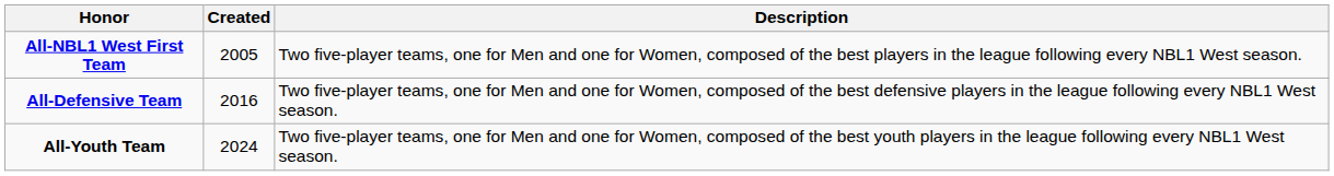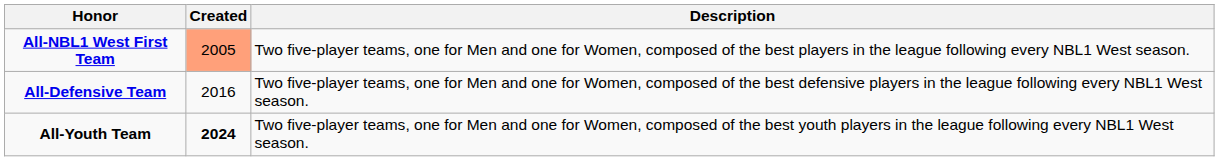 <table class="wikitable plainrowheaders sortable" summary="Honor (sortable), Created (sortable), Description and Notes">
 <tr>
 <th scope="col" width=15% class="unsortable">Honor</th>
 <th scope="col">Created</th>
 <th scope="col" class="unsortable">Description</th>
 </tr>
 <tr>
 <th scope="row" style="background-color:transparent;"><a href='#'>All-NBL1 West First Team</a></th>
-<td align=center>2005</td>
+<td align=center style="background: lightsalmon;">2005</td>
 <td>Two five-player teams, one for Men and one for Women, composed of the best players in the league following every NBL1 West season.</td>
 </tr>
 <tr>
 <th scope="row" style="background-color:transparent;"><a href='#'>All-Defensive Team</a></th>
 <td align=center>2016</td>
 <td>Two five-player teams, one for Men and one for Women, composed of the best defensive players in the league following every NBL1 West season.</td>
 </tr>
 <tr>
 <th scope="row" style="background-color:transparent;">All-Youth Team</th>
-<td align=center>2024</td>
+<td align=center><strong>2024</strong></td>
 <td>Two five-player teams, one for Men and one for Women, composed of the best youth players in the league following every NBL1 West season.</td>
 </tr>
 </table>
